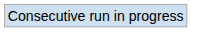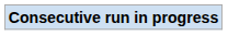 <table class="wikitable" style="text-align: center; font-size:95%">
 <tr>
 </tr>
 <tr>
-<td style="background: #CEE0F2">Consecutive run in progress</td>
+<td style="background: #CEE0F2"><strong>Consecutive run in progress</strong></td>
 </tr>
 </table>
